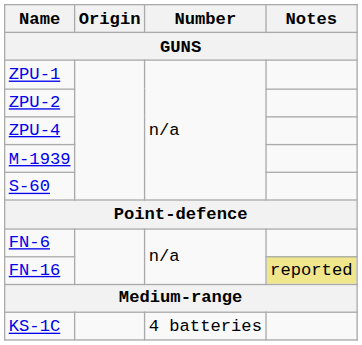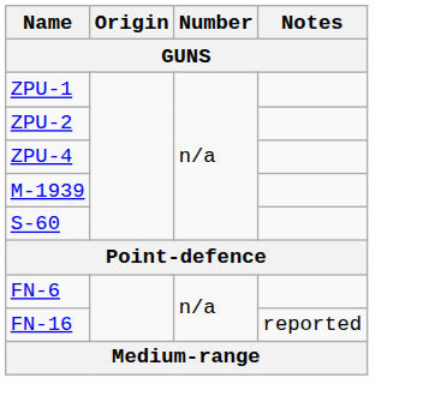 <table class="wikitable">
 <tr>
 <th>Name</th>
 <th>Origin</th>
 <th>Number</th>
 <th>Notes</th>
 </tr>
 <tr>
 <th colspan="4">GUNS</th>
 </tr>
 <tr>
 <td><a href='#'>ZPU-1</a></td>
 <td rowspan="5"></td>
 <td rowspan="5">n/a</td>
 <td></td>
 </tr>
 <tr>
 <td><a href='#'>ZPU-2</a></td>
 <td></td>
 </tr>
 <tr>
 <td><a href='#'>ZPU-4</a></td>
 <td></td>
 </tr>
 <tr>
 <td><a href='#'>M-1939</a></td>
 <td></td>
 </tr>
 <tr>
 <td><a href='#'>S-60</a></td>
 <td></td>
 </tr>
 <tr>
 <th colspan="4">Point-defence</th>
 </tr>
 <tr>
 <td><a href='#'>FN-6</a></td>
 <td rowspan="2"></td>
 <td rowspan="2">n/a</td>
 <td></td>
 </tr>
 <tr>
 <td><a href='#'>FN-16</a></td>
-<td style="background: khaki;">reported</td>
+<td>reported</td>
 </tr>
 <tr>
 <th colspan="4">Medium-range</th>
 </tr>
-<tr>
-<td><a href='#'>KS-1C</a></td>
-<td></td>
-<td>4 batteries</td>
-<td></td>
-</tr>
 </table>
